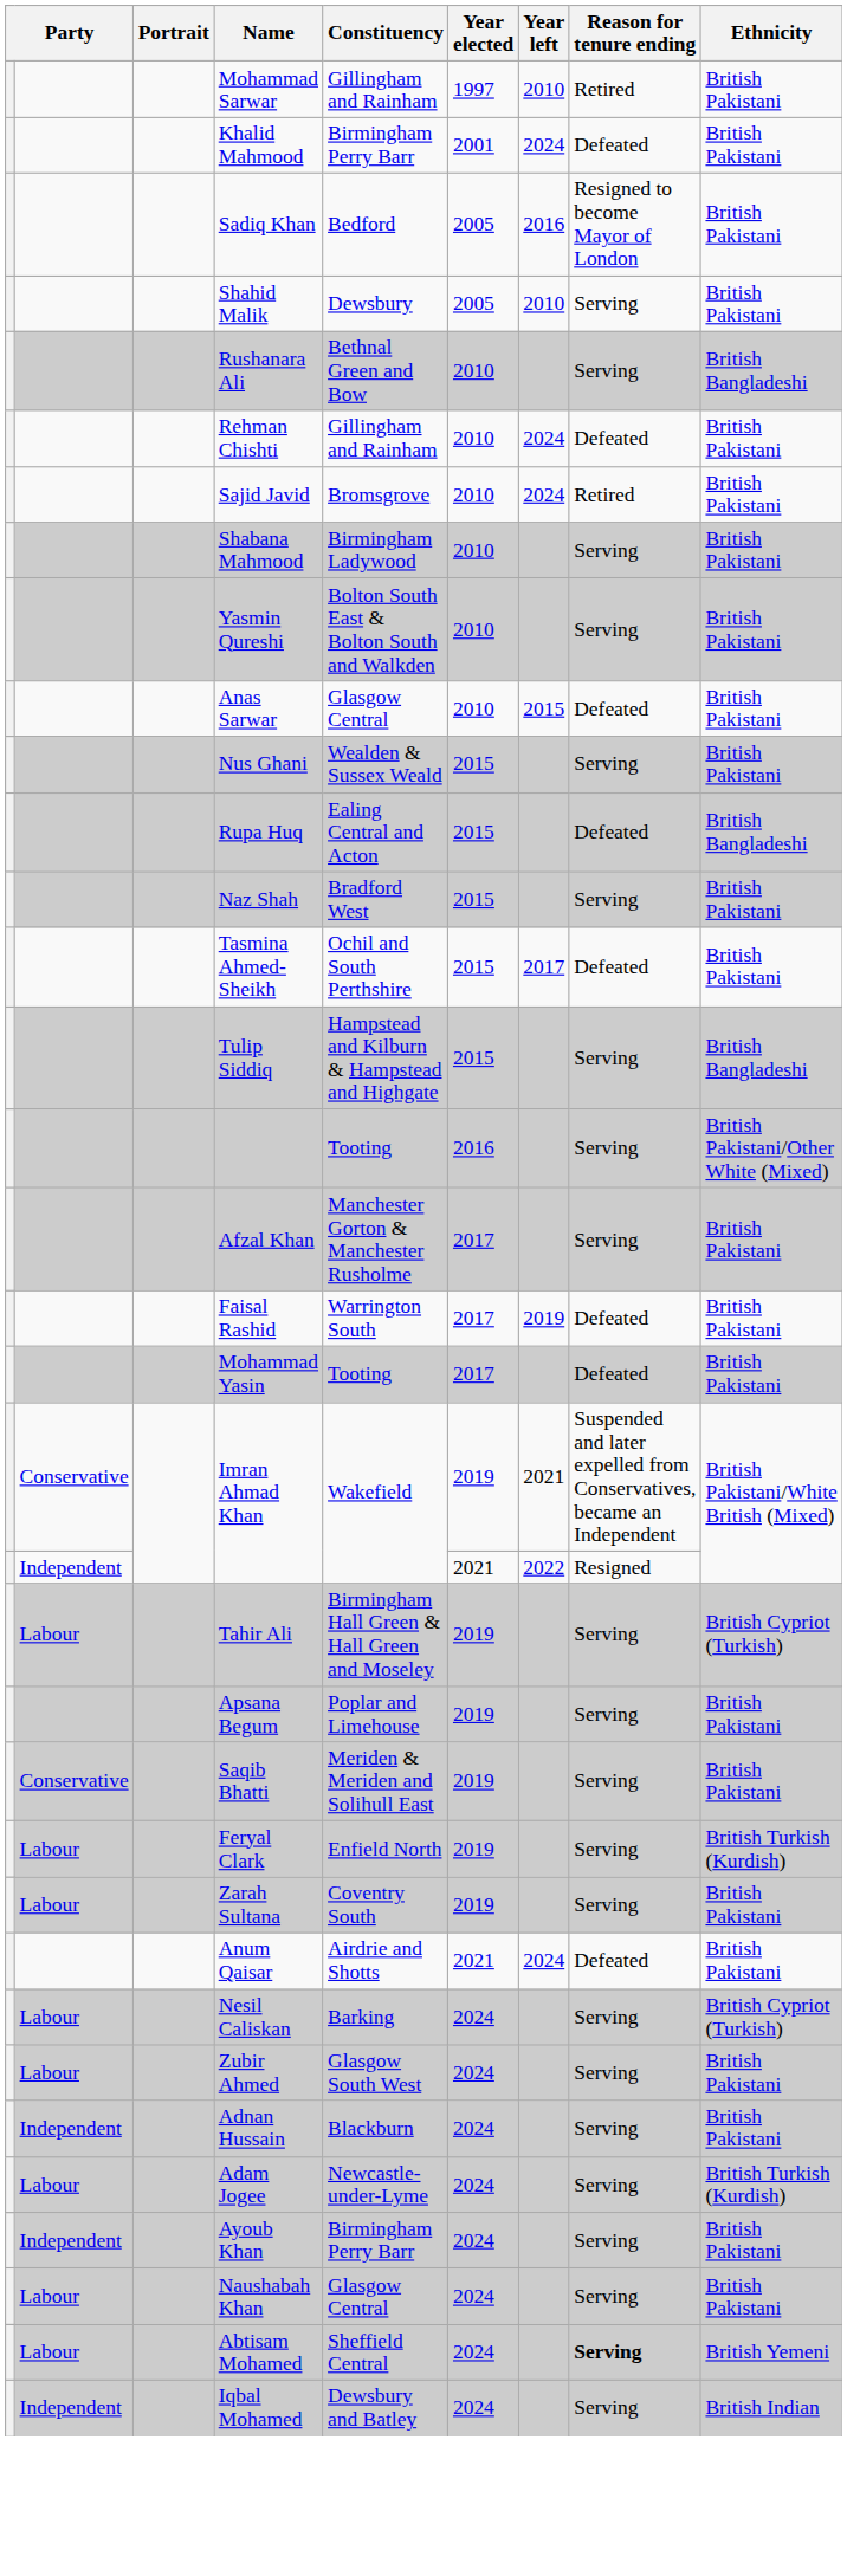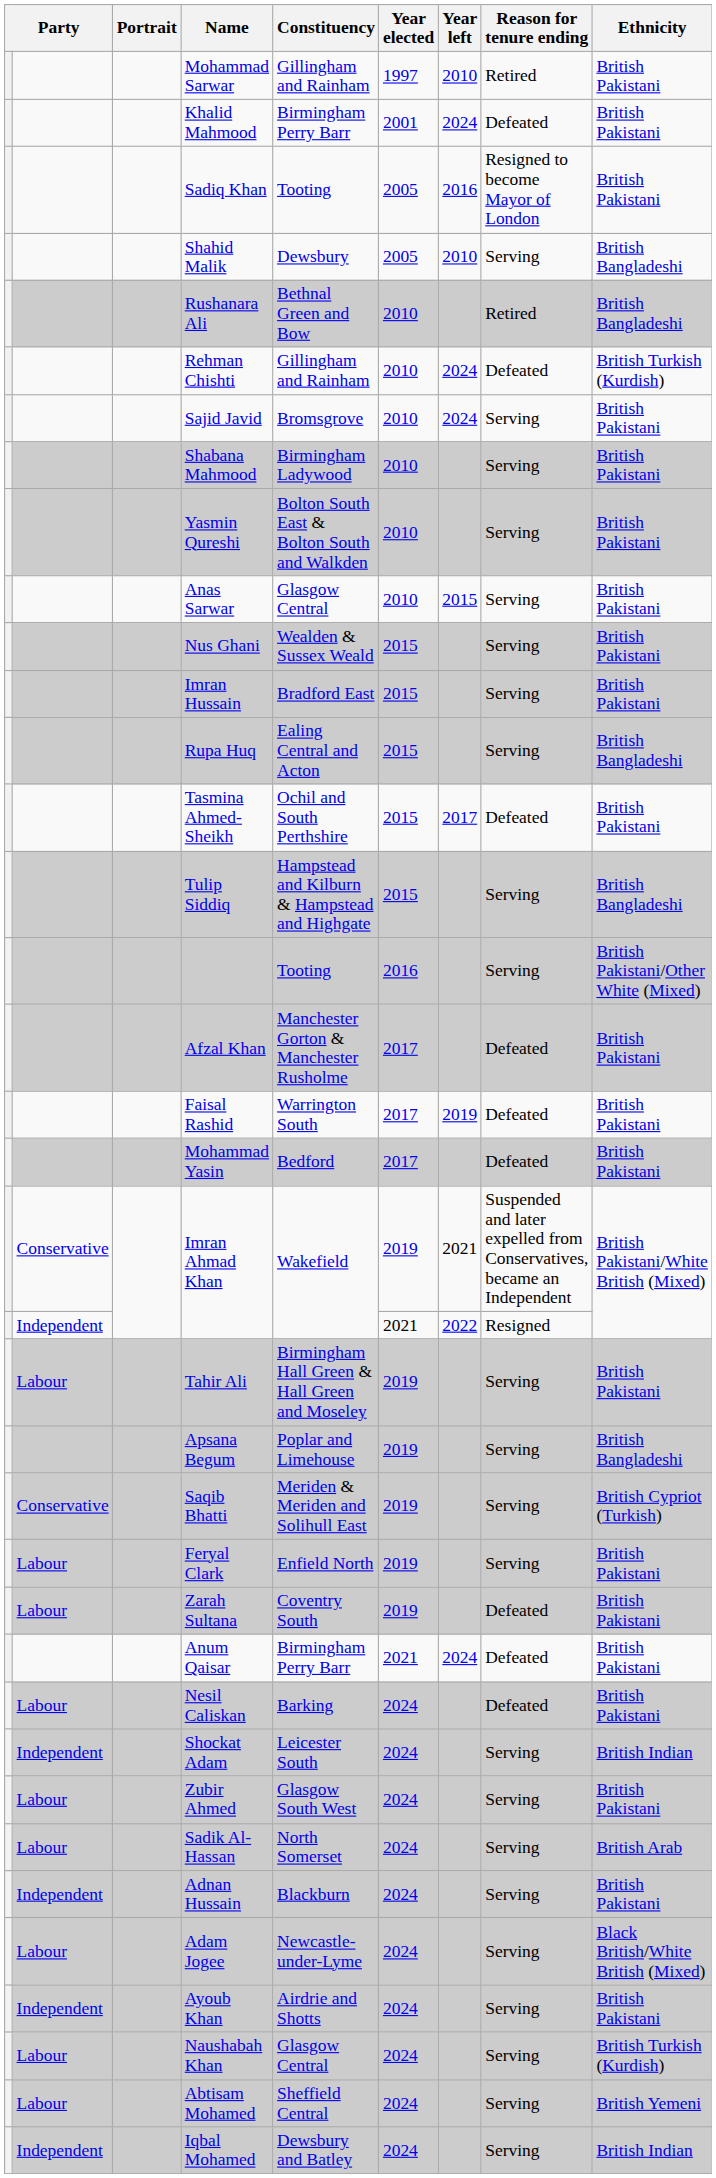 <table class="wikitable sortable">
 <tr>
 <th colspan=2>Party</th>
 <th>Portrait</th>
 <th>Name</th>
 <th>Constituency</th>
 <th>Year elected</th>
 <th>Year left</th>
 <th>Reason for tenure ending</th>
 <th>Ethnicity</th>
 </tr>
 <tr>
 <th style="background-color: "></th>
 <td></td>
 <td></td>
 <td><a href='#'>Mohammad Sarwar</a></td>
 <td><a href='#'>Gillingham and Rainham</a></td>
 <td><a href='#'>1997</a></td>
 <td><a href='#'>2010</a></td>
 <td>Retired</td>
 <td><a href='#'>British Pakistani</a></td>
 </tr>
 <tr>
 <th style="background-color: "></th>
 <td></td>
 <td></td>
 <td><a href='#'>Khalid Mahmood</a></td>
 <td><a href='#'>Birmingham Perry Barr</a></td>
 <td><a href='#'>2001</a></td>
 <td><a href='#'>2024</a></td>
 <td>Defeated</td>
 <td><a href='#'>British Pakistani</a></td>
 </tr>
 <tr>
 <th style="background-color: "></th>
 <td></td>
 <td></td>
 <td><a href='#'>Sadiq Khan</a></td>
-<td><a href='#'>Bedford</a></td>
+<td><a href='#'>Tooting</a></td>
 <td><a href='#'>2005</a></td>
 <td><a href='#'>2016</a></td>
 <td>Resigned to become <a href='#'>Mayor of London</a></td>
 <td><a href='#'>British Pakistani</a></td>
 </tr>
 <tr>
 <th style="background-color: "></th>
 <td></td>
 <td></td>
 <td><a href='#'>Shahid Malik</a></td>
 <td><a href='#'>Dewsbury</a></td>
 <td><a href='#'>2005</a></td>
 <td><a href='#'>2010</a></td>
 <td>Serving</td>
-<td><a href='#'>British Pakistani</a></td>
+<td><a href='#'>British Bangladeshi</a></td>
 </tr>
 <tr style="background:#ccc;">
 <th style="background-color: "></th>
 <td></td>
 <td></td>
 <td><a href='#'>Rushanara Ali</a></td>
 <td><a href='#'>Bethnal Green and Bow</a></td>
 <td><a href='#'>2010</a></td>
 <td></td>
-<td>Serving</td>
+<td>Retired</td>
 <td><a href='#'>British Bangladeshi</a></td>
 </tr>
 <tr>
 <th style="background-color: "></th>
 <td></td>
 <td></td>
 <td><a href='#'>Rehman Chishti</a></td>
 <td><a href='#'>Gillingham and Rainham</a></td>
 <td><a href='#'>2010</a></td>
 <td><a href='#'>2024</a></td>
 <td>Defeated</td>
-<td><a href='#'>British Pakistani</a></td>
+<td><a href='#'>British Turkish</a> (<a href='#'>Kurdish</a>)</td>
 </tr>
 <tr>
 <th style="background-color: "></th>
 <td></td>
 <td></td>
 <td><a href='#'>Sajid Javid</a></td>
 <td><a href='#'>Bromsgrove</a></td>
 <td><a href='#'>2010</a></td>
 <td><a href='#'>2024</a></td>
-<td>Retired</td>
+<td>Serving</td>
 <td><a href='#'>British Pakistani</a></td>
 </tr>
 <tr style="background:#ccc;">
 <th style="background-color: "></th>
 <td></td>
 <td></td>
 <td><a href='#'>Shabana Mahmood</a></td>
 <td><a href='#'>Birmingham Ladywood</a></td>
 <td><a href='#'>2010</a></td>
 <td></td>
 <td>Serving</td>
 <td><a href='#'>British Pakistani</a></td>
 </tr>
 <tr style="background:#ccc;">
 <th style="background-color: "></th>
 <td></td>
 <td></td>
 <td><a href='#'>Yasmin Qureshi</a></td>
 <td><a href='#'>Bolton South East</a> & <a href='#'>Bolton South and Walkden</a></td>
 <td><a href='#'>2010</a></td>
 <td></td>
 <td>Serving</td>
 <td><a href='#'>British Pakistani</a></td>
 </tr>
 <tr>
 <th style="background-color: "></th>
 <td></td>
 <td></td>
 <td><a href='#'>Anas Sarwar</a></td>
 <td><a href='#'>Glasgow Central</a></td>
 <td><a href='#'>2010</a></td>
 <td><a href='#'>2015</a></td>
-<td>Defeated</td>
+<td>Serving</td>
 <td><a href='#'>British Pakistani</a></td>
 </tr>
 <tr style="background:#ccc;">
 <th style="background-color: "></th>
 <td></td>
 <td></td>
 <td><a href='#'>Nus Ghani</a></td>
 <td><a href='#'>Wealden</a> & <a href='#'>Sussex Weald</a></td>
 <td><a href='#'>2015</a></td>
 <td></td>
 <td>Serving</td>
 <td><a href='#'>British Pakistani</a></td>
 </tr>
 <tr style="background:#ccc;">
 <th style="background-color: "></th>
 <td></td>
 <td></td>
-<td><a href='#'>Rupa Huq</a></td>
-<td><a href='#'>Ealing Central and Acton</a></td>
+<td><a href='#'>Imran Hussain</a></td>
+<td><a href='#'>Bradford East</a></td>
 <td><a href='#'>2015</a></td>
 <td></td>
-<td>Defeated</td>
-<td><a href='#'>British Bangladeshi</a></td>
+<td>Serving</td>
+<td><a href='#'>British Pakistani</a></td>
 </tr>
 <tr style="background:#ccc;">
 <th style="background-color: "></th>
 <td></td>
 <td></td>
-<td><a href='#'>Naz Shah</a></td>
-<td><a href='#'>Bradford West</a></td>
+<td><a href='#'>Rupa Huq</a></td>
+<td><a href='#'>Ealing Central and Acton</a></td>
 <td><a href='#'>2015</a></td>
 <td></td>
 <td>Serving</td>
-<td><a href='#'>British Pakistani</a></td>
+<td><a href='#'>British Bangladeshi</a></td>
 </tr>
 <tr>
 <th style="background-color: "></th>
 <td></td>
 <td></td>
 <td><a href='#'>Tasmina Ahmed-Sheikh</a></td>
 <td><a href='#'>Ochil and South Perthshire</a></td>
 <td><a href='#'>2015</a></td>
 <td><a href='#'>2017</a></td>
 <td>Defeated</td>
 <td><a href='#'>British Pakistani</a></td>
 </tr>
 <tr style="background:#ccc;">
 <th style="background-color: "></th>
 <td></td>
 <td></td>
 <td><a href='#'>Tulip Siddiq</a></td>
 <td><a href='#'>Hampstead and Kilburn</a> & <a href='#'>Hampstead and Highgate</a></td>
 <td><a href='#'>2015</a></td>
 <td></td>
 <td>Serving</td>
 <td><a href='#'>British Bangladeshi</a></td>
 </tr>
 <tr style="background:#ccc;">
 <th style="background-color: "></th>
 <td></td>
 <td></td>
 <td></td>
 <td><a href='#'>Tooting</a></td>
 <td><a href='#'>2016</a></td>
 <td></td>
 <td>Serving</td>
 <td><a href='#'>British Pakistani</a>/<a href='#'>Other White</a> (<a href='#'>Mixed</a>)</td>
 </tr>
 <tr style="background:#ccc;">
 <th style="background-color: "></th>
 <td></td>
 <td></td>
 <td><a href='#'>Afzal Khan</a></td>
 <td><a href='#'>Manchester Gorton</a> & <a href='#'>Manchester Rusholme</a></td>
 <td><a href='#'>2017</a></td>
 <td></td>
-<td>Serving</td>
+<td>Defeated</td>
 <td><a href='#'>British Pakistani</a></td>
 </tr>
 <tr>
 <th style="background-color: "></th>
 <td></td>
 <td></td>
 <td><a href='#'>Faisal Rashid</a></td>
 <td><a href='#'>Warrington South</a></td>
 <td><a href='#'>2017</a></td>
 <td><a href='#'>2019</a></td>
 <td>Defeated</td>
 <td><a href='#'>British Pakistani</a></td>
 </tr>
 <tr style="background:#ccc;">
 <th style="background-color: "></th>
 <td></td>
 <td></td>
 <td><a href='#'>Mohammad Yasin</a></td>
-<td><a href='#'>Tooting</a></td>
+<td><a href='#'>Bedford</a></td>
 <td><a href='#'>2017</a></td>
 <td></td>
 <td>Defeated</td>
 <td><a href='#'>British Pakistani</a></td>
 </tr>
 <tr>
 <th style="background-color: "></th>
 <td><a href='#'>Conservative</a></td>
 <td rowspan=2></td>
 <td rowspan=2><a href='#'>Imran Ahmad Khan</a></td>
 <td rowspan=2><a href='#'>Wakefield</a></td>
 <td><a href='#'>2019</a></td>
 <td>2021</td>
 <td>Suspended and later expelled from Conservatives, became an Independent</td>
 <td rowspan=2><a href='#'>British Pakistani</a>/<a href='#'>White British</a> (<a href='#'>Mixed</a>)</td>
 </tr>
 <tr>
 <th style="background-color: "></th>
 <td><a href='#'>Independent</a></td>
 <td>2021</td>
 <td><a href='#'>2022</a></td>
 <td>Resigned</td>
 </tr>
 <tr style="background:#ccc;">
 <th style="background-color: "></th>
 <td><a href='#'>Labour</a></td>
 <td></td>
 <td><a href='#'>Tahir Ali</a></td>
 <td><a href='#'>Birmingham Hall Green</a> & <a href='#'>Hall Green and Moseley</a></td>
 <td><a href='#'>2019</a></td>
 <td></td>
 <td>Serving</td>
-<td><a href='#'>British Cypriot</a> (<a href='#'>Turkish</a>)</td>
+<td><a href='#'>British Pakistani</a></td>
 </tr>
 <tr style="background:#ccc;">
 <th style="background-color: "></th>
 <td></td>
 <td></td>
 <td><a href='#'>Apsana Begum</a></td>
 <td><a href='#'>Poplar and Limehouse</a></td>
 <td><a href='#'>2019</a></td>
 <td></td>
 <td>Serving</td>
-<td><a href='#'>British Pakistani</a></td>
+<td><a href='#'>British Bangladeshi</a></td>
 </tr>
 <tr style="background:#ccc;">
 <th style="background-color: "></th>
 <td><a href='#'>Conservative</a></td>
 <td></td>
 <td><a href='#'>Saqib Bhatti</a></td>
 <td><a href='#'>Meriden</a> & <a href='#'>Meriden and Solihull East</a></td>
 <td><a href='#'>2019</a></td>
 <td></td>
 <td>Serving</td>
-<td><a href='#'>British Pakistani</a></td>
+<td><a href='#'>British Cypriot</a> (<a href='#'>Turkish</a>)</td>
 </tr>
 <tr style="background:#ccc;">
 <th style="background-color: "></th>
 <td><a href='#'>Labour</a></td>
 <td></td>
 <td><a href='#'>Feryal Clark</a></td>
 <td><a href='#'>Enfield North</a></td>
 <td><a href='#'>2019</a></td>
 <td></td>
 <td>Serving</td>
-<td><a href='#'>British Turkish</a> (<a href='#'>Kurdish</a>)</td>
+<td><a href='#'>British Pakistani</a></td>
 </tr>
 <tr style="background:#ccc;">
 <th style="background-color: "></th>
 <td><a href='#'>Labour</a></td>
 <td></td>
 <td><a href='#'>Zarah Sultana</a></td>
 <td><a href='#'>Coventry South</a></td>
 <td><a href='#'>2019</a></td>
 <td></td>
-<td>Serving</td>
+<td>Defeated</td>
 <td><a href='#'>British Pakistani</a></td>
 </tr>
 <tr>
 <th style="background-color: "></th>
 <td></td>
 <td></td>
 <td><a href='#'>Anum Qaisar</a></td>
-<td><a href='#'>Airdrie and Shotts</a></td>
+<td><a href='#'>Birmingham Perry Barr</a></td>
 <td><a href='#'>2021</a></td>
 <td><a href='#'>2024</a></td>
 <td>Defeated</td>
 <td><a href='#'>British Pakistani</a></td>
 </tr>
 <tr style="background:#ccc;">
 <th style="background-color: "></th>
 <td><a href='#'>Labour</a></td>
 <td></td>
 <td><a href='#'>Nesil Caliskan</a></td>
 <td><a href='#'>Barking</a></td>
 <td><a href='#'>2024</a></td>
 <td></td>
+<td>Defeated</td>
+<td><a href='#'>British Pakistani</a></td>
+</tr>
+<tr style="background:#ccc;">
+<th style="background-color: "></th>
+<td><a href='#'>Independent</a></td>
+<td></td>
+<td><a href='#'>Shockat Adam</a></td>
+<td><a href='#'>Leicester South</a></td>
+<td><a href='#'>2024</a></td>
+<td></td>
 <td>Serving</td>
-<td><a href='#'>British Cypriot</a> (<a href='#'>Turkish</a>)</td>
+<td><a href='#'>British Indian</a></td>
 </tr>
 <tr style="background:#ccc;">
 <th style="background-color: "></th>
 <td><a href='#'>Labour</a></td>
 <td></td>
 <td><a href='#'>Zubir Ahmed</a></td>
 <td><a href='#'>Glasgow South West</a></td>
 <td><a href='#'>2024</a></td>
 <td></td>
 <td>Serving</td>
 <td><a href='#'>British Pakistani</a></td>
+</tr>
+<tr style="background:#ccc;">
+<th style="background-color: "></th>
+<td><a href='#'>Labour</a></td>
+<td></td>
+<td><a href='#'>Sadik Al-Hassan</a></td>
+<td><a href='#'>North Somerset</a></td>
+<td><a href='#'>2024</a></td>
+<td></td>
+<td>Serving</td>
+<td><a href='#'>British Arab</a></td>
 </tr>
 <tr style="background:#ccc;">
 <th style="background-color: "></th>
 <td><a href='#'>Independent</a></td>
 <td></td>
 <td><a href='#'>Adnan Hussain</a></td>
 <td><a href='#'>Blackburn</a></td>
 <td><a href='#'>2024</a></td>
 <td></td>
 <td>Serving</td>
 <td><a href='#'>British Pakistani</a></td>
 </tr>
 <tr style="background:#ccc;">
 <th style="background-color: "></th>
 <td><a href='#'>Labour</a></td>
 <td></td>
 <td><a href='#'>Adam Jogee</a></td>
 <td><a href='#'>Newcastle-under-Lyme</a></td>
 <td><a href='#'>2024</a></td>
 <td></td>
 <td>Serving</td>
-<td><a href='#'>British Turkish</a> (<a href='#'>Kurdish</a>)</td>
+<td><a href='#'>Black British</a>/<a href='#'>White British</a> (<a href='#'>Mixed</a>)</td>
 </tr>
 <tr style="background:#ccc;">
 <th style="background-color: "></th>
 <td><a href='#'>Independent</a></td>
 <td></td>
 <td><a href='#'>Ayoub Khan</a></td>
-<td><a href='#'>Birmingham Perry Barr</a></td>
+<td><a href='#'>Airdrie and Shotts</a></td>
 <td><a href='#'>2024</a></td>
 <td></td>
 <td>Serving</td>
 <td><a href='#'>British Pakistani</a></td>
 </tr>
 <tr style="background:#ccc;">
 <th style="background-color: "></th>
 <td><a href='#'>Labour</a></td>
 <td></td>
 <td><a href='#'>Naushabah Khan</a></td>
 <td><a href='#'>Glasgow Central</a></td>
 <td><a href='#'>2024</a></td>
 <td></td>
 <td>Serving</td>
-<td><a href='#'>British Pakistani</a></td>
+<td><a href='#'>British Turkish</a> (<a href='#'>Kurdish</a>)</td>
 </tr>
 <tr style="background:#ccc;">
 <th style="background-color: "></th>
 <td><a href='#'>Labour</a></td>
 <td></td>
 <td><a href='#'>Abtisam Mohamed</a></td>
 <td><a href='#'>Sheffield Central</a></td>
 <td><a href='#'>2024</a></td>
 <td></td>
-<td><strong>Serving</strong></td>
+<td>Serving</td>
 <td><a href='#'>British Yemeni</a></td>
 </tr>
 <tr style="background:#ccc;">
 <th style="background-color: "></th>
 <td><a href='#'>Independent</a></td>
 <td></td>
 <td><a href='#'>Iqbal Mohamed</a></td>
 <td><a href='#'>Dewsbury and Batley</a></td>
 <td><a href='#'>2024</a></td>
 <td></td>
 <td>Serving</td>
 <td><a href='#'>British Indian</a></td>
 </tr>
 </table>
